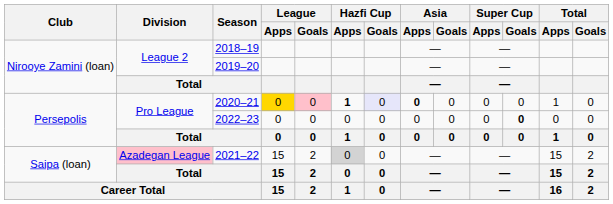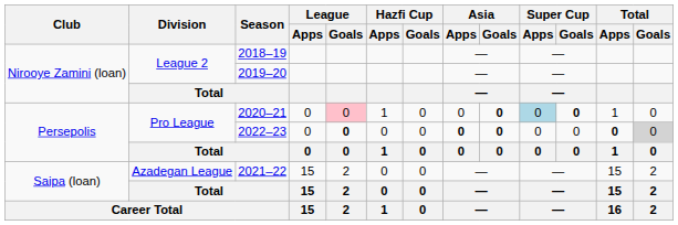 <table class="wikitable" style="text-align: center;">
 <tr>
 <th rowspan=2>Club</th>
 <th rowspan=2>Division</th>
 <th rowspan=2>Season</th>
 <th colspan=2>League</th>
 <th colspan=2>Hazfi Cup</th>
 <th colspan=2>Asia</th>
 <th colspan=2>Super Cup</th>
 <th colspan=2>Total</th>
 </tr>
 <tr>
 <th>Apps</th>
 <th>Goals</th>
 <th>Apps</th>
 <th>Goals</th>
 <th>Apps</th>
 <th>Goals</th>
 <th>Apps</th>
 <th>Goals</th>
 <th>Apps</th>
 <th>Goals</th>
 </tr>
 <tr>
 <td rowspan="3"><a href='#'>Nirooye Zamini</a> (loan)</td>
 <td rowspan="2"><a href='#'>League 2</a></td>
 <td><a href='#'>2018–19</a></td>
 <td></td>
 <td></td>
 <td></td>
 <td></td>
 <td colspan=2>—</td>
 <td colspan=2>—</td>
 <td></td>
 <td></td>
 </tr>
 <tr>
 <td><a href='#'>2019–20</a></td>
 <td></td>
 <td></td>
 <td></td>
 <td></td>
 <td colspan=2>—</td>
 <td colspan=2>—</td>
 <td></td>
 <td></td>
 </tr>
 <tr>
 <th colspan="2">Total</th>
 <th></th>
 <th></th>
 <th></th>
 <th></th>
 <th colspan=2>—</th>
 <th colspan=2>—</th>
 <th></th>
 <th></th>
 </tr>
 <tr>
 <td rowspan="3"><a href='#'>Persepolis</a></td>
 <td rowspan="2"><a href='#'>Pro League</a></td>
 <td><a href='#'>2020–21</a></td>
-<td style="background: gold;">0</td>
+<td>0</td>
 <td style="background: pink;">0</td>
-<td><strong>1</strong></td>
-<td style="background: lavender;">0</td>
-<td><strong>0</strong></td>
+<td>1</td>
 <td>0</td>
 <td>0</td>
-<td>0</td>
+<td><strong>0</strong></td>
+<td style="background: lightblue;">0</td>
+<td><strong>0</strong></td>
 <td>1</td>
 <td>0</td>
 </tr>
 <tr>
 <td><a href='#'>2022–23</a></td>
 <td>0</td>
-<td>0</td>
-<td>0</td>
-<td>0</td>
-<td>0</td>
+<td><strong>0</strong></td>
 <td>0</td>
 <td>0</td>
 <td><strong>0</strong></td>
+<td><strong>0</strong></td>
 <td>0</td>
 <td>0</td>
+<td><strong>0</strong></td>
+<td style="background: lightgrey;">0</td>
 </tr>
 <tr>
 <th colspan="2">Total</th>
 <th>0</th>
 <th>0</th>
 <th>1</th>
 <th>0</th>
 <th>0</th>
 <th>0</th>
 <th>0</th>
 <th>0</th>
 <th>1</th>
 <th>0</th>
 </tr>
 <tr>
 <td rowspan="2"><a href='#'>Saipa</a> (loan)</td>
-<td style="background: pink;"><a href='#'>Azadegan League</a></td>
+<td><a href='#'>Azadegan League</a></td>
 <td><a href='#'>2021–22</a></td>
 <td>15</td>
 <td>2</td>
-<td style="background: lightgrey;">0</td>
+<td>0</td>
 <td>0</td>
 <td colspan=2>—</td>
 <td colspan=2>—</td>
 <td>15</td>
 <td>2</td>
 </tr>
 <tr>
 <th colspan="2">Total</th>
 <th>15</th>
 <th>2</th>
 <th>0</th>
 <th>0</th>
 <th colspan=2>—</th>
 <th colspan=2>—</th>
 <th>15</th>
 <th>2</th>
 </tr>
 <tr>
 <th colspan="3">Career Total</th>
 <th>15</th>
 <th>2</th>
 <th>1</th>
 <th>0</th>
 <th colspan=2>—</th>
 <th colspan=2>—</th>
 <th>16</th>
 <th>2</th>
 </tr>
 </table>
